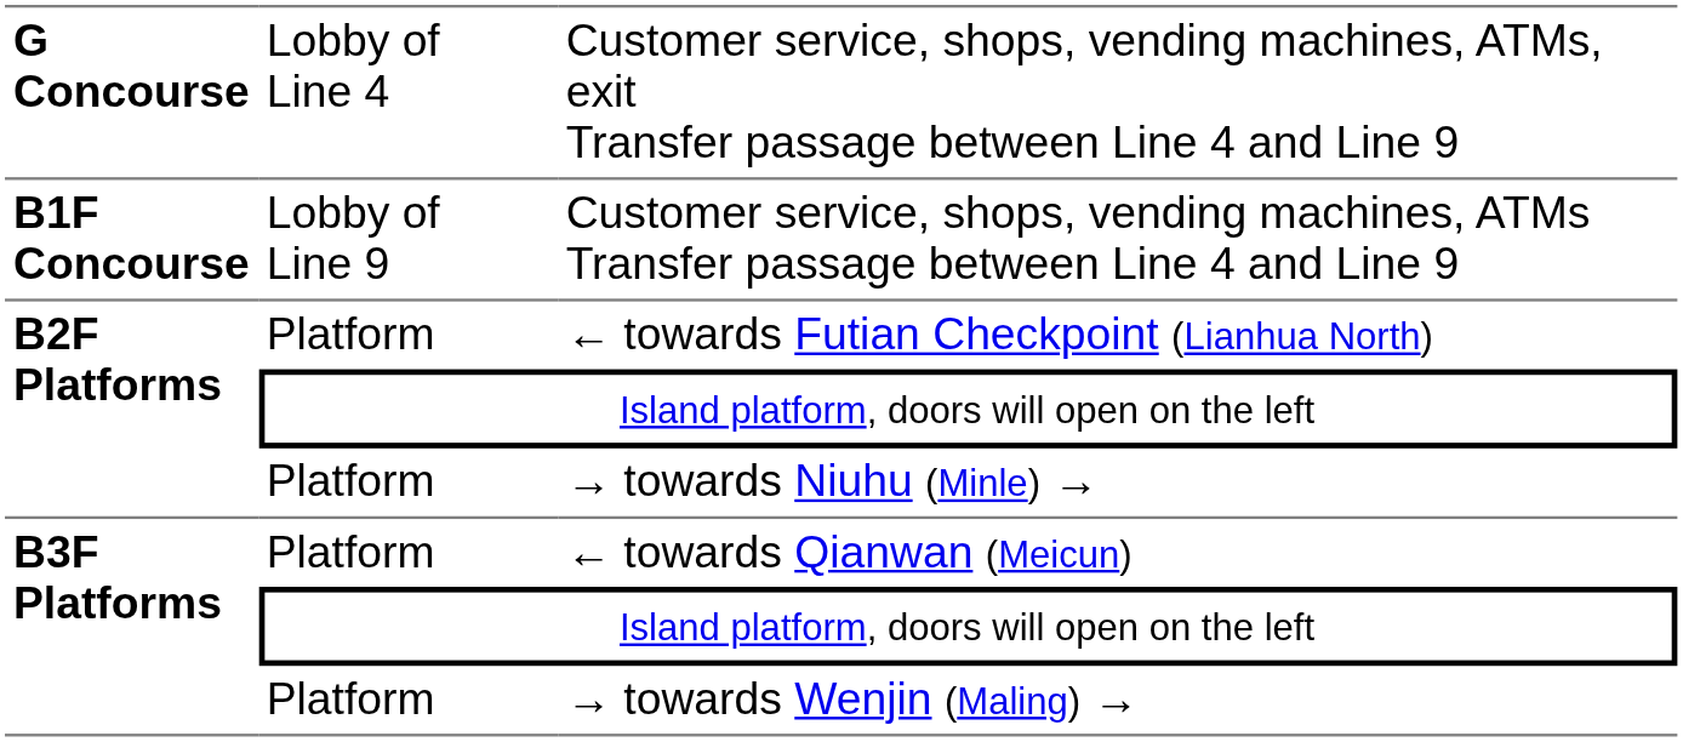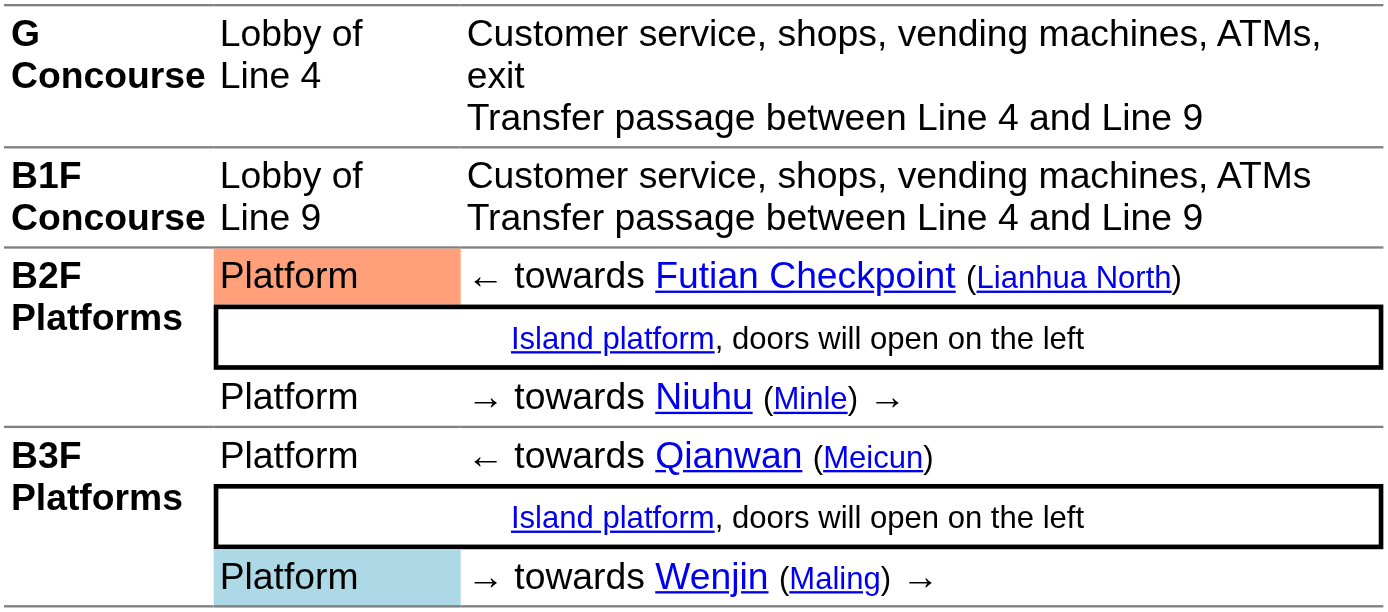 <table table border=0 cellspacing=0 cellpadding=3>
 <tr>
 <td style="border-top:solid 1px gray;" width=50 valign=top><strong>G<br>Concourse</strong></td>
 <td style="border-top:solid 1px gray;" width=100 valign=top>Lobby of <br>Line 4</td>
 <td style="border-top:solid 1px gray;" width=390 valign=top>Customer service, shops, vending machines, ATMs, exit<br>Transfer passage between Line 4 and Line 9</td>
 </tr>
 <tr>
 <td style="border-bottom:solid 1px gray; border-top:solid 1px gray;" valign=top width=50><strong>B1F<br>Concourse</strong></td>
 <td style="border-bottom:solid 1px gray; border-top:solid 1px gray;" valign=top width=100>Lobby of <br>Line 9</td>
 <td style="border-bottom:solid 1px gray; border-top:solid 1px gray;" valign=top width=390>Customer service, shops, vending machines, ATMs<br>Transfer passage between Line 4 and Line 9</td>
 </tr>
 <tr>
 <td style="border-bottom:solid 1px gray;" rowspan=3 valign=top><strong>B2F<br>Platforms</strong></td>
-<td>Platform </td>
+<td style="background: lightsalmon;">Platform </td>
 <td>←  towards <a href='#'>Futian Checkpoint</a> <small>(<a href='#'>Lianhua North</a>)</small></td>
 </tr>
 <tr>
 <td style="border-right:solid 2px black;border-left:solid 2px black;border-top:solid 2px black;border-bottom:solid 2px black;text-align:center;" colspan=2><small><a href='#'>Island platform</a>, doors will open on the left</small></td>
 </tr>
 <tr>
 <td style="border-bottom:solid 1px gray;">Platform </td>
 <td style="border-bottom:solid 1px gray;"><span>→</span>  towards <a href='#'>Niuhu</a> <small>(<a href='#'>Minle</a>)</small> →</td>
 </tr>
 <tr>
 <td style="border-bottom:solid 1px gray;" rowspan=3 valign=top><strong>B3F<br>Platforms</strong></td>
 <td>Platform </td>
 <td>←  towards <a href='#'>Qianwan</a> <small>(<a href='#'>Meicun</a>)</small></td>
 </tr>
 <tr>
 <td style="border-right:solid 2px black;border-left:solid 2px black;border-top:solid 2px black;border-bottom:solid 2px black;text-align:center;" colspan=2><small><a href='#'>Island platform</a>, doors will open on the left</small></td>
 </tr>
 <tr>
-<td style="border-bottom:solid 1px gray;">Platform </td>
+<td style="background: lightblue; border-bottom:solid 1px gray;">Platform </td>
 <td style="border-bottom:solid 1px gray;"><span>→</span>  towards <a href='#'>Wenjin</a> <small>(<a href='#'>Maling</a>)</small> →</td>
 </tr>
 </table>
